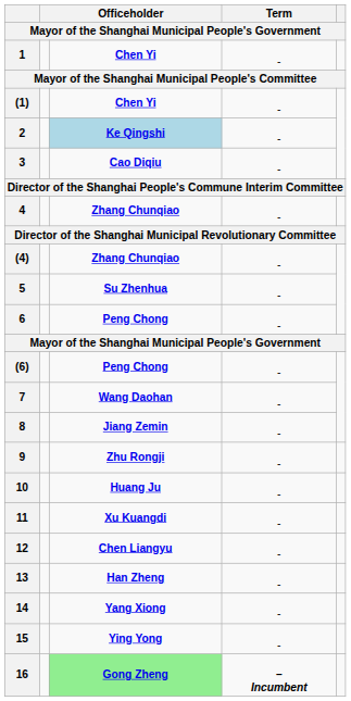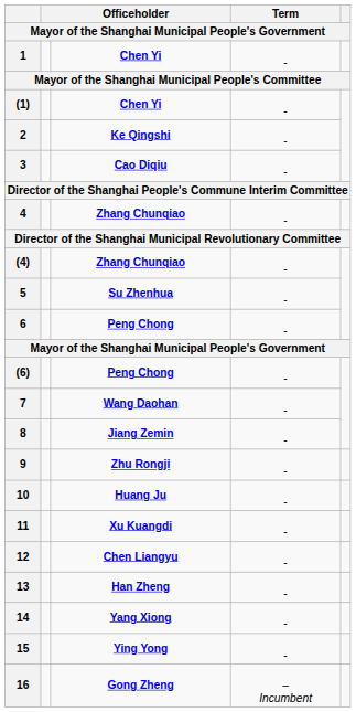 <table class="wikitable sortable" style="text-align:center">
 <tr>
 <th></th>
 <th colspan="2" class="unsortable">Officeholder</th>
 <th>Term</th>
 <th class="unsortable"></th>
 </tr>
 <tr>
 <th colspan="5">Mayor of the Shanghai Municipal People's Government</th>
 </tr>
 <tr>
 <th>1</th>
 <td></td>
 <td><a href='#'><strong>Chen Yi</strong></a><br></td>
 <td><br>-<br></td>
 </tr>
 <tr>
 <th colspan="5">Mayor of the Shanghai Municipal People's Committee</th>
 </tr>
 <tr>
 <th>(1)</th>
 <td></td>
 <td><strong><a href='#'>Chen Yi</a></strong><br></td>
 <td><br>-<br></td>
 </tr>
 <tr>
 <th>2</th>
 <td></td>
-<td style="background: lightblue;"><strong><a href='#'>Ke Qingshi</a></strong><br></td>
+<td><strong><a href='#'>Ke Qingshi</a></strong><br></td>
 <td><br>-<br></td>
 </tr>
 <tr>
 <th>3</th>
 <td></td>
 <td><strong><a href='#'>Cao Diqiu</a></strong><br></td>
 <td><br>-<br></td>
 </tr>
 <tr>
 <th colspan="5">Director of the Shanghai People's Commune Interim Committee</th>
 </tr>
 <tr>
 <th>4</th>
 <td></td>
 <td><strong><a href='#'>Zhang Chunqiao</a></strong><br></td>
 <td><br>-<br></td>
 </tr>
 <tr>
 <th colspan="5">Director of the Shanghai Municipal Revolutionary Committee</th>
 </tr>
 <tr>
 <th>(4)</th>
 <td></td>
 <td><strong><a href='#'>Zhang Chunqiao</a></strong><br></td>
 <td><br>-<br></td>
 </tr>
 <tr>
 <th>5</th>
 <td></td>
 <td><strong><a href='#'>Su Zhenhua</a></strong><br></td>
 <td><br>-<br></td>
 </tr>
 <tr>
 <th>6</th>
 <td></td>
 <td><strong><a href='#'>Peng Chong</a></strong><br></td>
 <td><br>-<br></td>
 </tr>
 <tr>
 <th colspan="5">Mayor of the Shanghai Municipal People's Government</th>
 </tr>
 <tr>
 <th>(6)</th>
 <td></td>
 <td><strong><a href='#'>Peng Chong</a></strong><br></td>
 <td><br>-<br></td>
 </tr>
 <tr>
 <th>7</th>
 <td></td>
 <td><strong><a href='#'>Wang Daohan</a></strong><br></td>
 <td><br>-<br></td>
 </tr>
 <tr>
 <th>8</th>
 <td></td>
 <td><strong><a href='#'>Jiang Zemin</a></strong><br></td>
 <td><br>-<br></td>
 </tr>
 <tr>
 <th>9</th>
 <td></td>
 <td><strong><a href='#'>Zhu Rongji</a></strong><br></td>
 <td><br>-<br></td>
 <td></td>
 </tr>
 <tr>
 <th>10</th>
 <td></td>
 <td><strong><a href='#'>Huang Ju</a></strong><br></td>
 <td><br>-<br></td>
 </tr>
 <tr>
 <th>11</th>
 <td></td>
 <td><strong><a href='#'>Xu Kuangdi</a></strong><br></td>
 <td><br>-<br></td>
 <td></td>
 </tr>
 <tr>
 <th>12</th>
 <td></td>
 <td><strong><a href='#'>Chen Liangyu</a></strong><br></td>
 <td><br>-<br></td>
 </tr>
 <tr>
 <th>13</th>
 <td></td>
 <td><strong><a href='#'>Han Zheng</a></strong><br></td>
 <td><br>-<br></td>
 <td></td>
 </tr>
 <tr>
 <th>14</th>
 <td></td>
 <td><strong><a href='#'>Yang Xiong</a></strong><br></td>
 <td><br>-<br></td>
 <td></td>
 </tr>
 <tr>
 <th>15</th>
 <td></td>
 <td><strong><a href='#'>Ying Yong</a></strong><br></td>
 <td><br>-<br></td>
 <td></td>
 </tr>
 <tr>
 <th>16</th>
 <td></td>
-<td style="background: lightgreen;"><strong><a href='#'>Gong Zheng</a></strong><br></td>
-<td><strong><br>–<br><em>Incumbent</em></strong></td>
+<td><strong><a href='#'>Gong Zheng</a></strong><br></td>
+<td><br>–<br><em>Incumbent</em></td>
 <td></td>
 </tr>
 </table>
